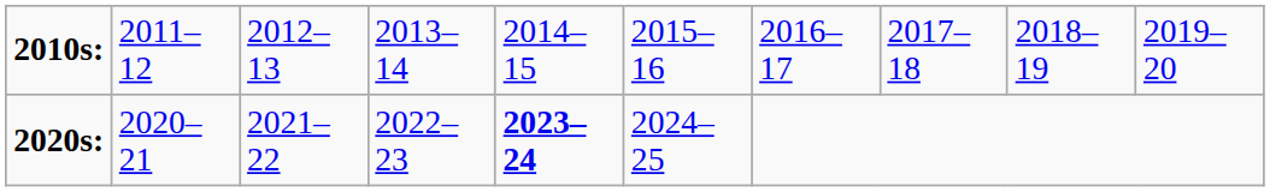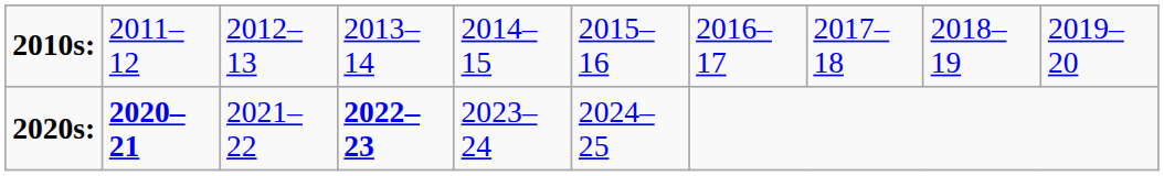 <table class="wikitable">
 <tr>
 <td><strong>2010s:</strong></td>
 <td><a href='#'>2011–12</a></td>
 <td><a href='#'>2012–13</a></td>
 <td><a href='#'>2013–14</a></td>
 <td><a href='#'>2014–15</a></td>
 <td><a href='#'>2015–16</a></td>
 <td><a href='#'>2016–17</a></td>
 <td><a href='#'>2017–18</a></td>
 <td><a href='#'>2018–19</a></td>
 <td><a href='#'>2019–20</a></td>
 </tr>
 <tr>
 <td><strong>2020s:</strong></td>
-<td><a href='#'>2020–21</a></td>
+<td><strong><a href='#'>2020–21</a></strong></td>
 <td><a href='#'>2021–22</a></td>
-<td><a href='#'>2022–23</a></td>
-<td><strong><a href='#'>2023–24</a></strong></td>
+<td><strong><a href='#'>2022–23</a></strong></td>
+<td><a href='#'>2023–24</a></td>
 <td><a href='#'>2024–25</a></td>
 </tr>
 </table>
